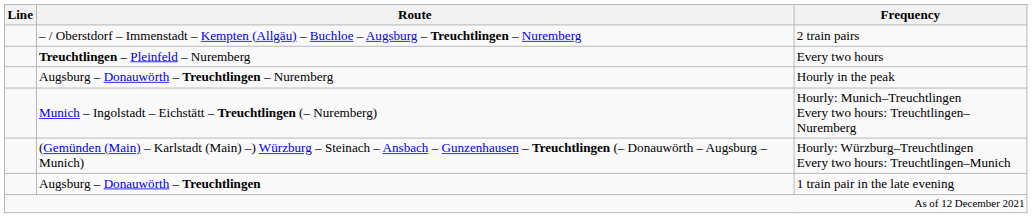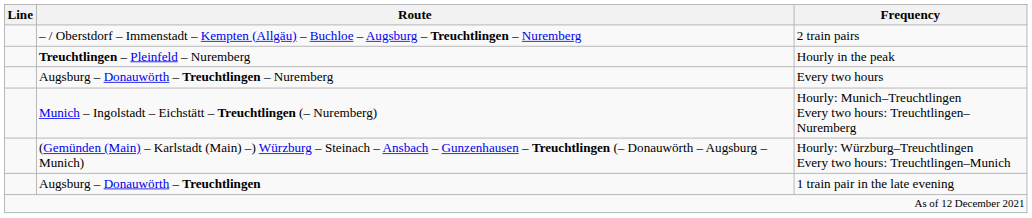 <table class="wikitable">
 <tr>
 <th>Line</th>
 <th>Route</th>
 <th>Frequency</th>
 </tr>
 <tr>
 <td><br></td>
 <td> –  / Oberstdorf – Immenstadt – <a href='#'>Kempten (Allgäu)</a> – <a href='#'>Buchloe</a> – <a href='#'>Augsburg</a> – <strong>Treuchtlingen</strong> – <a href='#'>Nuremberg</a></td>
 <td>2 train pairs</td>
 </tr>
 <tr>
 <td></td>
 <td><strong>Treuchtlingen</strong> – <a href='#'>Pleinfeld</a> – Nuremberg</td>
-<td>Every two hours</td>
+<td>Hourly in the peak</td>
 </tr>
 <tr>
 <td></td>
 <td>Augsburg – <a href='#'>Donauwörth</a> – <strong>Treuchtlingen</strong> – Nuremberg</td>
-<td>Hourly in the peak</td>
+<td>Every two hours</td>
 </tr>
 <tr>
 <td></td>
 <td><a href='#'>Munich</a> – Ingolstadt – Eichstätt – <strong>Treuchtlingen</strong> (– Nuremberg)</td>
 <td>Hourly: Munich–Treuchtlingen<br>Every two hours: Treuchtlingen–Nuremberg</td>
 </tr>
 <tr>
 <td><br></td>
 <td>(<a href='#'>Gemünden (Main)</a> – Karlstadt (Main) –) <a href='#'>Würzburg</a> – Steinach – <a href='#'>Ansbach</a> – <a href='#'>Gunzenhausen</a> – <strong>Treuchtlingen</strong> (– Donauwörth – Augsburg – Munich)</td>
 <td>Hourly: Würzburg–Treuchtlingen<br>Every two hours: Treuchtlingen–Munich</td>
 </tr>
 <tr>
 <td></td>
 <td>Augsburg – <a href='#'>Donauwörth</a> – <strong>Treuchtlingen</strong></td>
 <td>1 train pair in the late evening</td>
 </tr>
 <tr>
 <td colspan="4" style="text-align:right; font-size:smaller;">As of 12 December 2021</td>
 </tr>
 </table>
